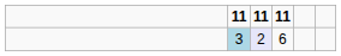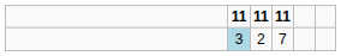 <table class="wikitable">
 <tr>
 <td style="width:15em"></td>
 <td align=center style="width:1em"><strong>11</strong></td>
 <td align=center style="width:1em"><strong>11</strong></td>
 <td align=center style="width:1em"><strong>11</strong></td>
 <td align=center style="width:1em"></td>
 <td align=center style="width:1em"></td>
 </tr>
 <tr>
 <td style="width:15em"></td>
 <td align=center style="background: lightblue; width:1em">3</td>
-<td align=center style="background: lavender; width:1em">2</td>
-<td align=center style="width:1em">6</td>
+<td align=center style="width:1em">2</td>
+<td align=center style="width:1em">7</td>
 <td align=center style="width:1em"></td>
 <td align=center style="width:1em"></td>
 </tr>
 </table>
